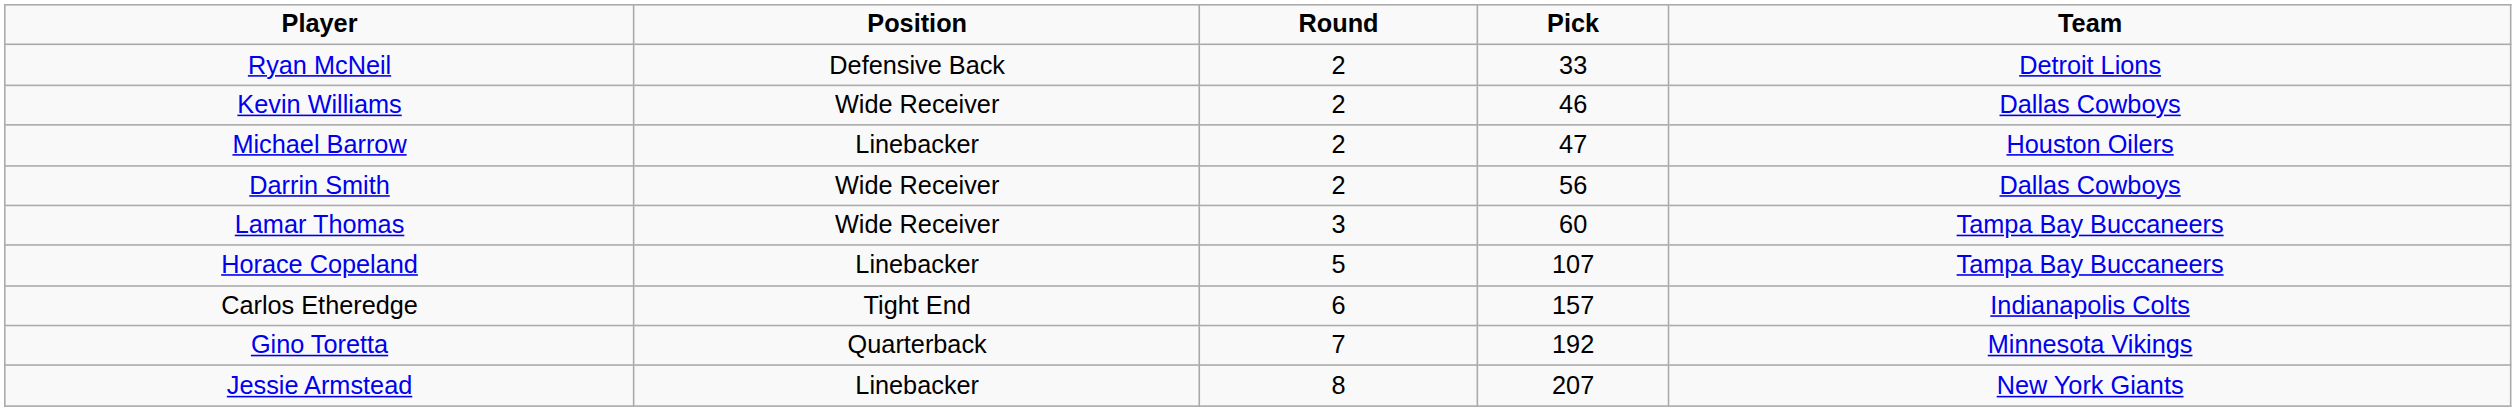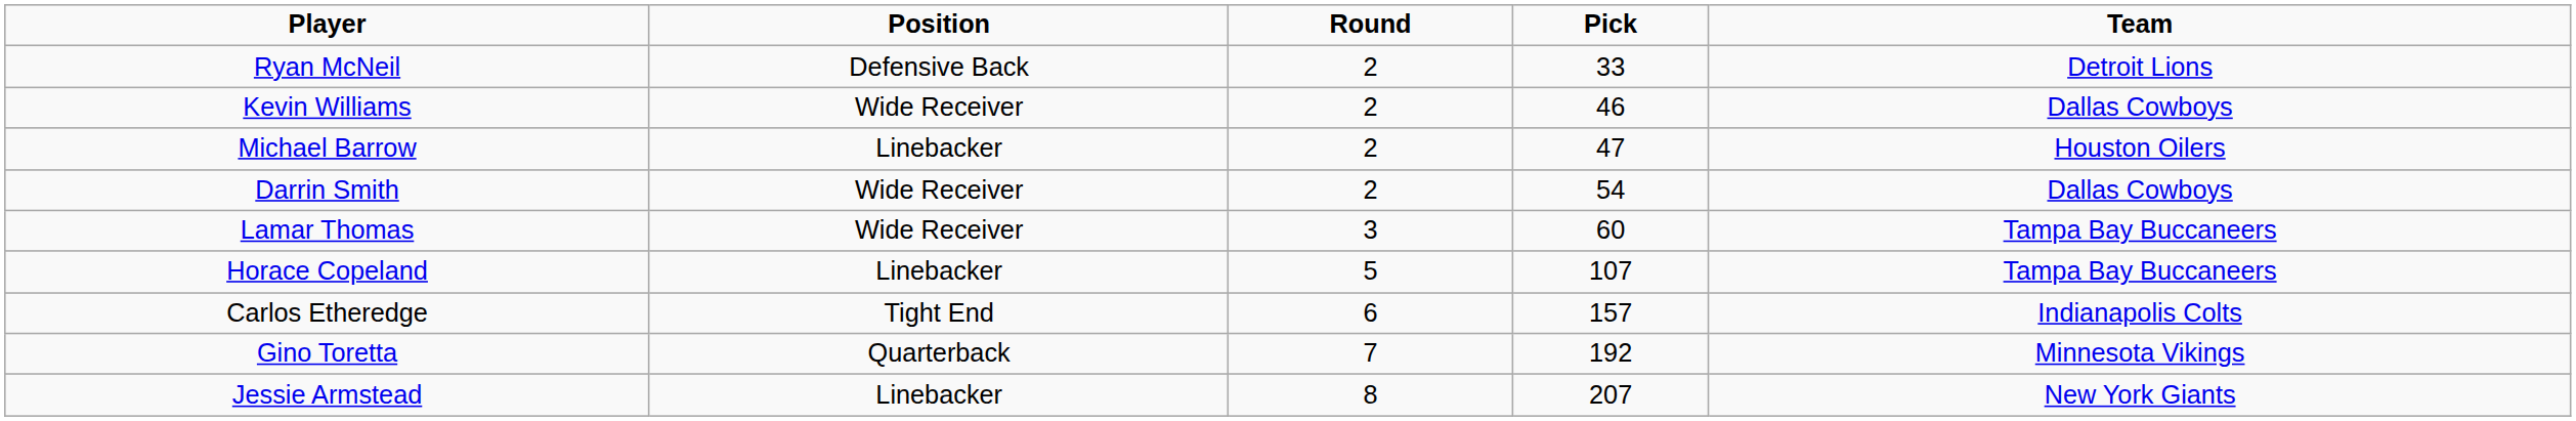 <table class="wikitable" style="width:80%;">
 <tr style="text-align:center; ">
 <td><strong>Player</strong></td>
 <td><strong>Position</strong></td>
 <td><strong>Round</strong></td>
 <td><strong>Pick</strong></td>
 <td><strong>Team</strong></td>
 </tr>
 <tr style="text-align:center;" bgcolor="">
 <td><a href='#'>Ryan McNeil</a></td>
 <td>Defensive Back</td>
 <td>2</td>
 <td>33</td>
 <td><a href='#'>Detroit Lions</a></td>
 </tr>
 <tr style="text-align:center;" bgcolor="">
 <td><a href='#'>Kevin Williams</a></td>
 <td>Wide Receiver</td>
 <td>2</td>
 <td>46</td>
 <td><a href='#'>Dallas Cowboys</a></td>
 </tr>
 <tr style="text-align:center;" bgcolor="">
 <td><a href='#'>Michael Barrow</a></td>
 <td>Linebacker</td>
 <td>2</td>
 <td>47</td>
 <td><a href='#'>Houston Oilers</a></td>
 </tr>
 <tr style="text-align:center;" bgcolor="">
 <td><a href='#'>Darrin Smith</a></td>
 <td>Wide Receiver</td>
 <td>2</td>
-<td>56</td>
+<td>54</td>
 <td><a href='#'>Dallas Cowboys</a></td>
 </tr>
 <tr style="text-align:center;" bgcolor="">
 <td><a href='#'>Lamar Thomas</a></td>
 <td>Wide Receiver</td>
 <td>3</td>
 <td>60</td>
 <td><a href='#'>Tampa Bay Buccaneers</a></td>
 </tr>
 <tr style="text-align:center;" bgcolor="">
 <td><a href='#'>Horace Copeland</a></td>
 <td>Linebacker</td>
 <td>5</td>
 <td>107</td>
 <td><a href='#'>Tampa Bay Buccaneers</a></td>
 </tr>
 <tr style="text-align:center;" bgcolor="">
 <td>Carlos Etheredge</td>
 <td>Tight End</td>
 <td>6</td>
 <td>157</td>
 <td><a href='#'>Indianapolis Colts</a></td>
 </tr>
 <tr style="text-align:center;" bgcolor="">
 <td><a href='#'>Gino Toretta</a></td>
 <td>Quarterback</td>
 <td>7</td>
 <td>192</td>
 <td><a href='#'>Minnesota Vikings</a></td>
 </tr>
 <tr style="text-align:center;" bgcolor="">
 <td><a href='#'>Jessie Armstead</a></td>
 <td>Linebacker</td>
 <td>8</td>
 <td>207</td>
 <td><a href='#'>New York Giants</a></td>
 </tr>
 </table>
